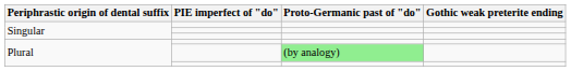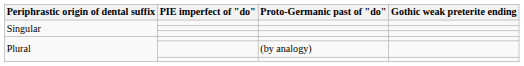 <table class="wikitable">
 <tr>
 <th>Periphrastic origin of dental suffix</th>
 <th>PIE imperfect of "do"</th>
 <th>Proto-Germanic past of "do"</th>
 <th>Gothic weak preterite ending</th>
 </tr>
 <tr>
 <td rowspan=3>Singular</td>
 <td></td>
 <td></td>
 <td></td>
 </tr>
 <tr>
 <td></td>
 <td></td>
 <td></td>
 </tr>
 <tr>
 <td></td>
 <td></td>
 <td></td>
 </tr>
 <tr>
 <td rowspan=3>Plural</td>
 <td></td>
 <td></td>
 <td></td>
 </tr>
 <tr>
 <td></td>
-<td style="background: lightgreen;"> (by analogy)</td>
+<td> (by analogy)</td>
 <td></td>
 </tr>
 <tr>
 <td></td>
 <td></td>
 <td></td>
 </tr>
 </table>
